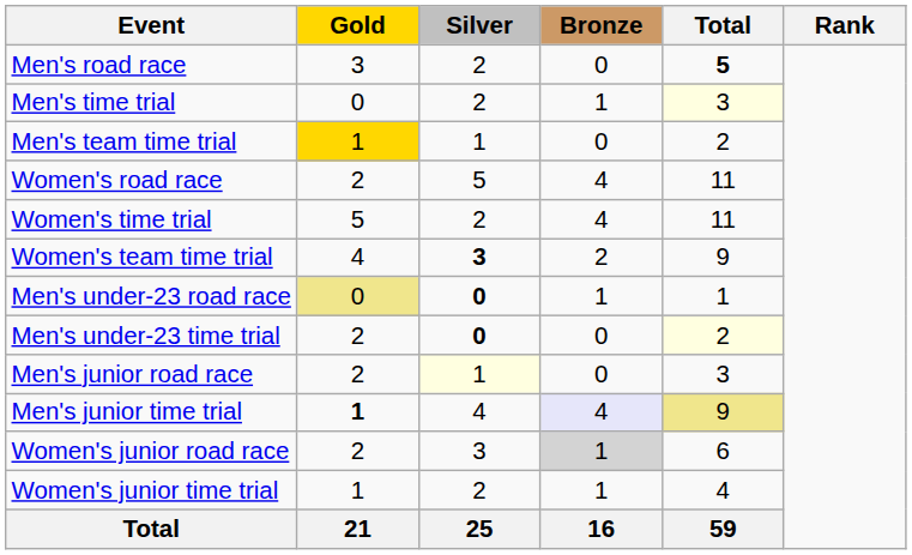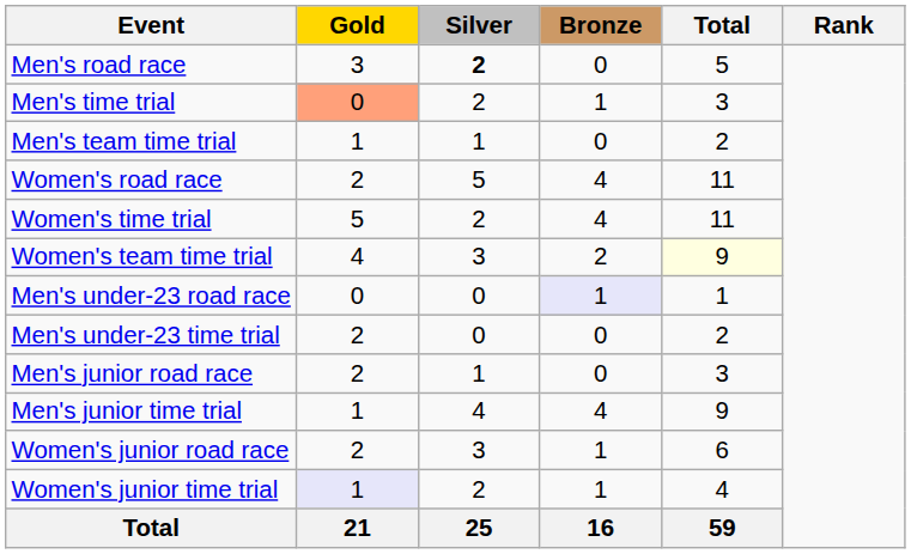 <table class="wikitable sortable" border="1" style="text-align:center; font-size:90%;">
 <tr>
 <th style="width:15:em;">Event</th>
 <td style="background:gold; width:4.5em; font-weight:bold;">Gold</td>
 <td style="background:silver; width:4.5em; font-weight:bold;">Silver</td>
 <td style="background:#cc9966; width:4.5em; font-weight:bold;">Bronze</td>
 <th style="width:4.5em;">Total</th>
 <th style="width:4.5em;">Rank</th>
 </tr>
 <tr>
 <td align=left><a href='#'>Men's road race</a></td>
 <td>3</td>
-<td>2</td>
+<td><strong>2</strong></td>
 <td>0</td>
-<td><strong>5</strong></td>
+<td>5</td>
 </tr>
 <tr>
 <td align=left><a href='#'>Men's time trial</a></td>
-<td>0</td>
+<td style="background: lightsalmon;">0</td>
 <td>2</td>
 <td>1</td>
-<td style="background: lightyellow;">3</td>
+<td>3</td>
 </tr>
 <tr>
 <td align=left><a href='#'>Men's team time trial</a></td>
-<td style="background: gold;">1</td>
+<td>1</td>
 <td>1</td>
 <td>0</td>
 <td>2</td>
 </tr>
 <tr>
 <td align=left><a href='#'>Women's road race</a></td>
 <td>2</td>
 <td>5</td>
 <td>4</td>
 <td>11</td>
 </tr>
 <tr>
 <td align=left><a href='#'>Women's time trial</a></td>
 <td>5</td>
 <td>2</td>
 <td>4</td>
 <td>11</td>
 </tr>
 <tr>
 <td align=left><a href='#'>Women's team time trial</a></td>
 <td>4</td>
-<td><strong>3</strong></td>
+<td>3</td>
 <td>2</td>
-<td>9</td>
+<td style="background: lightyellow;">9</td>
 </tr>
 <tr>
 <td align=left><a href='#'>Men's under-23 road race</a></td>
-<td style="background: khaki;">0</td>
-<td><strong>0</strong></td>
-<td>1</td>
+<td>0</td>
+<td>0</td>
+<td style="background: lavender;">1</td>
 <td>1</td>
 </tr>
 <tr>
 <td align=left><a href='#'>Men's under-23 time trial</a></td>
 <td>2</td>
-<td><strong>0</strong></td>
 <td>0</td>
-<td style="background: lightyellow;">2</td>
+<td>0</td>
+<td>2</td>
 </tr>
 <tr>
 <td align=left><a href='#'>Men's junior road race</a></td>
 <td>2</td>
-<td style="background: lightyellow;">1</td>
+<td>1</td>
 <td>0</td>
 <td>3</td>
 </tr>
 <tr>
 <td align=left><a href='#'>Men's junior time trial</a></td>
-<td><strong>1</strong></td>
+<td>1</td>
 <td>4</td>
-<td style="background: lavender;">4</td>
-<td style="background: khaki;">9</td>
+<td>4</td>
+<td>9</td>
 </tr>
 <tr>
 <td align=left><a href='#'>Women's junior road race</a></td>
 <td>2</td>
 <td>3</td>
-<td style="background: lightgrey;">1</td>
+<td>1</td>
 <td>6</td>
 </tr>
 <tr>
 <td align=left><a href='#'>Women's junior time trial</a></td>
-<td>1</td>
+<td style="background: lavender;">1</td>
 <td>2</td>
 <td>1</td>
 <td>4</td>
 </tr>
 <tr>
 <th>Total</th>
 <th>21</th>
 <th>25</th>
 <th>16</th>
 <th>59</th>
 </tr>
 </table>
